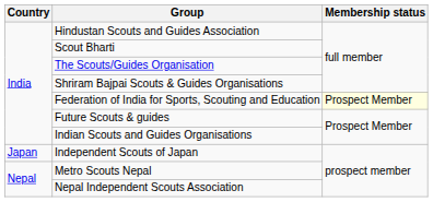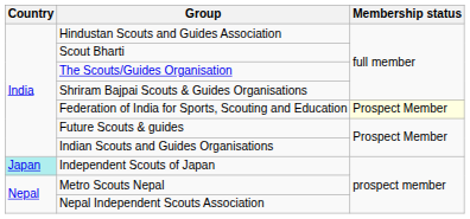 <table class="wikitable" border="1">
 <tr>
 <th>Country</th>
 <th>Group</th>
 <th>Membership status</th>
 </tr>
 <tr>
 <td rowspan=7><a href='#'>India</a></td>
 <td>Hindustan Scouts and Guides Association</td>
 <td rowspan="4">full member</td>
 </tr>
 <tr>
 <td>Scout Bharti</td>
 </tr>
 <tr>
 <td><a href='#'>The Scouts/Guides Organisation</a></td>
 </tr>
 <tr>
 <td>Shriram Bajpai Scouts & Guides Organisations</td>
 </tr>
 <tr>
 <td>Federation of India for Sports, Scouting and Education</td>
 <td style="background: lightyellow;">Prospect Member</td>
 </tr>
 <tr>
 <td>Future Scouts & guides</td>
 <td rowspan="2">Prospect Member </td>
 </tr>
 <tr>
 <td>Indian Scouts and Guides Organisations</td>
 </tr>
 <tr>
-<td><a href='#'>Japan</a></td>
+<td style="background: paleturquoise;"><a href='#'>Japan</a></td>
 <td>Independent  Scouts of Japan</td>
 <td rowspan="3">prospect member</td>
 </tr>
 <tr>
 <td rowspan=2><a href='#'>Nepal</a></td>
 <td>Metro Scouts Nepal </td>
 </tr>
 <tr>
 <td>Nepal Independent Scouts Association</td>
 </tr>
 </table>
